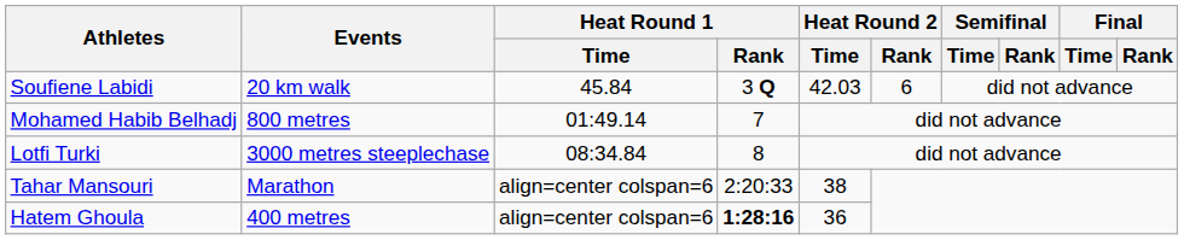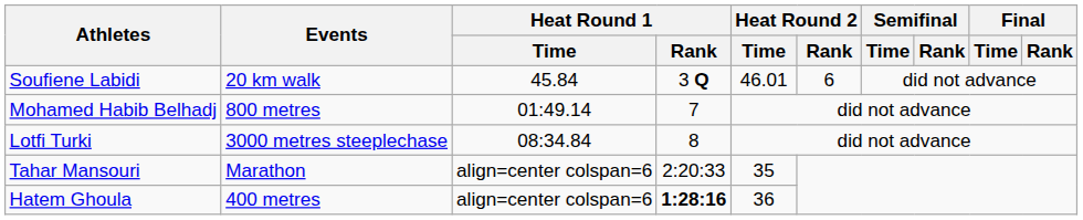 <table class=wikitable style=font-size:90%>
 <tr>
 <th rowspan=2>Athletes</th>
 <th rowspan=2>Events</th>
 <th colspan=2>Heat Round 1</th>
 <th colspan=2>Heat Round 2</th>
 <th colspan=2>Semifinal</th>
 <th colspan=2>Final</th>
 </tr>
 <tr>
 <th>Time</th>
 <th>Rank</th>
 <th>Time</th>
 <th>Rank</th>
 <th>Time</th>
 <th>Rank</th>
 <th>Time</th>
 <th>Rank</th>
 </tr>
 <tr>
 <td><a href='#'>Soufiene Labidi</a></td>
 <td><a href='#'>20 km walk</a></td>
 <td align=center>45.84</td>
 <td align=center>3 <strong>Q</strong></td>
-<td align=center>42.03</td>
+<td align=center>46.01</td>
 <td align=center>6</td>
 <td align=center colspan=6>did not advance</td>
 </tr>
 <tr>
 <td><a href='#'>Mohamed Habib Belhadj</a></td>
 <td><a href='#'>800 metres</a></td>
 <td align=center>01:49.14</td>
 <td align=center>7</td>
 <td align=center colspan=6>did not advance</td>
 </tr>
 <tr>
 <td><a href='#'>Lotfi Turki</a></td>
 <td><a href='#'>3000 metres steeplechase</a></td>
 <td align=center>08:34.84</td>
 <td align=center>8</td>
 <td align=center colspan=6>did not advance</td>
 </tr>
 <tr>
 <td><a href='#'>Tahar Mansouri</a></td>
 <td><a href='#'>Marathon</a></td>
 <td>align=center colspan=6 </td>
 <td align=center>2:20:33</td>
-<td align=center>38</td>
+<td align=center>35</td>
 </tr>
 <tr>
 <td><a href='#'>Hatem Ghoula</a></td>
 <td><a href='#'>400 metres</a></td>
 <td>align=center colspan=6 </td>
 <td align=center><strong>1:28:16</strong></td>
 <td align=center>36</td>
 </tr>
 </table>
